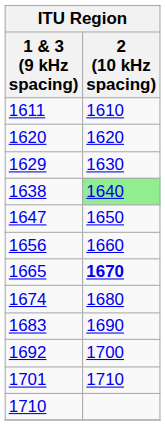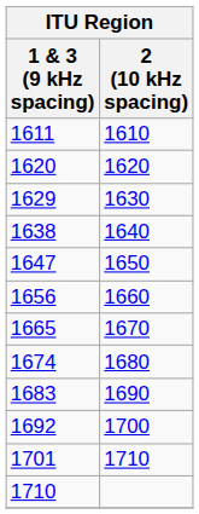 <table class="wikitable" align=right border="1">
 <tr>
 <th colspan="2">ITU Region</th>
 </tr>
 <tr>
 <th>1 & 3<br>(9 kHz<br>spacing)</th>
 <th>2<br>(10 kHz<br>spacing)</th>
 </tr>
 <tr>
 <td><a href='#'>1611</a></td>
 <td><a href='#'>1610</a></td>
 </tr>
 <tr>
 <td><a href='#'>1620</a></td>
 <td><a href='#'>1620</a></td>
 </tr>
 <tr>
 <td><a href='#'>1629</a></td>
 <td><a href='#'>1630</a></td>
 </tr>
 <tr>
 <td><a href='#'>1638</a></td>
-<td style="background: lightgreen;"><a href='#'>1640</a></td>
+<td><a href='#'>1640</a></td>
 </tr>
 <tr>
 <td><a href='#'>1647</a></td>
 <td><a href='#'>1650</a></td>
 </tr>
 <tr>
 <td><a href='#'>1656</a></td>
 <td><a href='#'>1660</a></td>
 </tr>
 <tr>
 <td><a href='#'>1665</a></td>
-<td><strong><a href='#'>1670</a></strong></td>
+<td><a href='#'>1670</a></td>
 </tr>
 <tr>
 <td><a href='#'>1674</a></td>
 <td><a href='#'>1680</a></td>
 </tr>
 <tr>
 <td><a href='#'>1683</a></td>
 <td><a href='#'>1690</a></td>
 </tr>
 <tr>
 <td><a href='#'>1692</a></td>
 <td><a href='#'>1700</a></td>
 </tr>
 <tr>
 <td><a href='#'>1701</a></td>
 <td><a href='#'>1710</a></td>
 </tr>
 <tr>
 <td><a href='#'>1710</a></td>
 <td> </td>
 </tr>
 <tr>
 </tr>
 </table>
